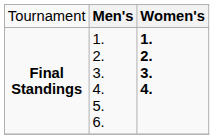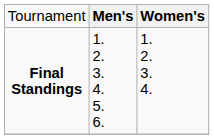 <table class=wikitable>
 <tr>
 <td align=center>Tournament</td>
 <th>Men's</th>
 <th>Women's</th>
 </tr>
 <tr>
 <td align=center><strong>Final <br> Standings</strong></td>
 <td valign=top>1.  <br> 2. <br> 3.  <br> 4.  <br> 5. <br>6. </td>
-<td valign=top><strong>1.  <br> 2.  <br> 3.  <br> 4. </strong></td>
+<td valign=top>1.  <br> 2.  <br> 3.  <br> 4. </td>
 </tr>
 <tr>
 </tr>
 </table>
